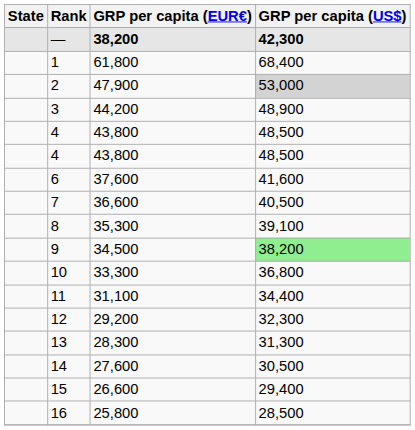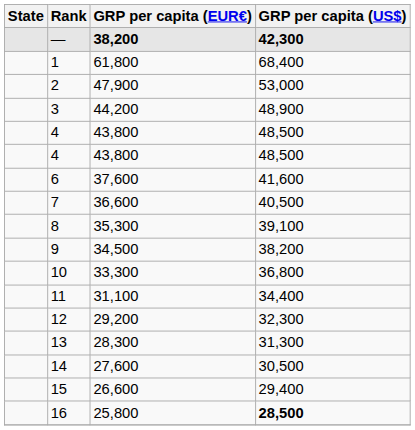 <table class="wikitable sortable">
 <tr align=center valign=middle>
 <th>State</th>
 <th data-sort-type="number">Rank</th>
 <th data-sort-type="number">GRP per capita (<a href='#'>EUR€</a>)</th>
 <th data-sort-type="number">GRP per capita (<a href='#'>US$</a>)</th>
 </tr>
 <tr style="background:#e6e6e6">
 <td align=left><strong></strong></td>
 <td>—</td>
 <td><strong>38,200</strong></td>
 <td><strong>42,300</strong></td>
 </tr>
 <tr>
 <td align=left></td>
 <td>1</td>
 <td>61,800</td>
 <td>68,400</td>
 </tr>
 <tr>
 <td align=left></td>
 <td>2</td>
 <td>47,900</td>
-<td style="background: lightgrey;">53,000</td>
+<td>53,000</td>
 </tr>
 <tr>
 <td align=left></td>
 <td>3</td>
 <td>44,200</td>
 <td>48,900</td>
 </tr>
 <tr>
 <td align=left></td>
 <td>4</td>
 <td>43,800</td>
 <td>48,500</td>
 </tr>
 <tr>
 <td align=left></td>
 <td>4</td>
 <td>43,800</td>
 <td>48,500</td>
 </tr>
 <tr>
 <td align=left></td>
 <td>6</td>
 <td>37,600</td>
 <td>41,600</td>
 </tr>
 <tr>
 <td align=left></td>
 <td>7</td>
 <td>36,600</td>
 <td>40,500</td>
 </tr>
 <tr>
 <td align=left></td>
 <td>8</td>
 <td>35,300</td>
 <td>39,100</td>
 </tr>
 <tr>
 <td align=left></td>
 <td>9</td>
 <td>34,500</td>
-<td style="background: lightgreen;">38,200</td>
+<td>38,200</td>
 </tr>
 <tr>
 <td align=left></td>
 <td>10</td>
 <td>33,300</td>
 <td>36,800</td>
 </tr>
 <tr>
 <td align=left></td>
 <td>11</td>
 <td>31,100</td>
 <td>34,400</td>
 </tr>
 <tr>
 <td align=left></td>
 <td>12</td>
 <td>29,200</td>
 <td>32,300</td>
 </tr>
 <tr>
 <td align=left></td>
 <td>13</td>
 <td>28,300</td>
 <td>31,300</td>
 </tr>
 <tr>
 <td align=left></td>
 <td>14</td>
 <td>27,600</td>
 <td>30,500</td>
 </tr>
 <tr>
 <td align=left></td>
 <td>15</td>
 <td>26,600</td>
 <td>29,400</td>
 </tr>
 <tr>
 <td align=left></td>
 <td>16</td>
 <td>25,800</td>
-<td>28,500</td>
+<td><strong>28,500</strong></td>
 </tr>
 <tr>
 </tr>
 </table>
